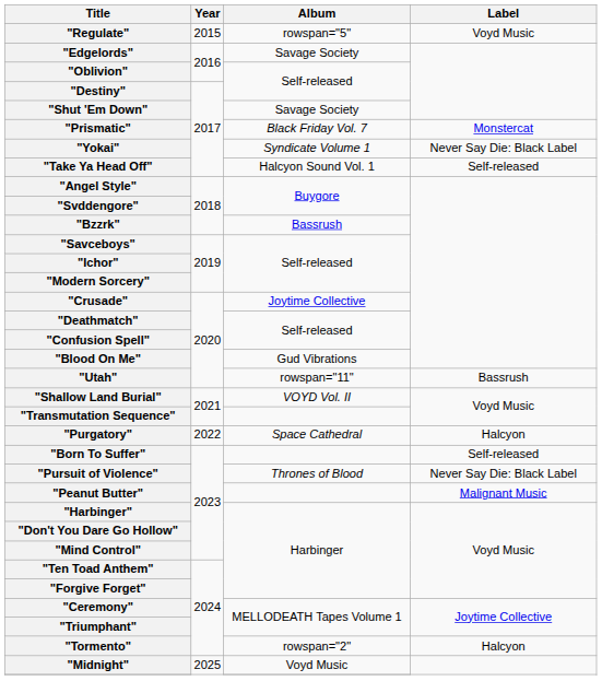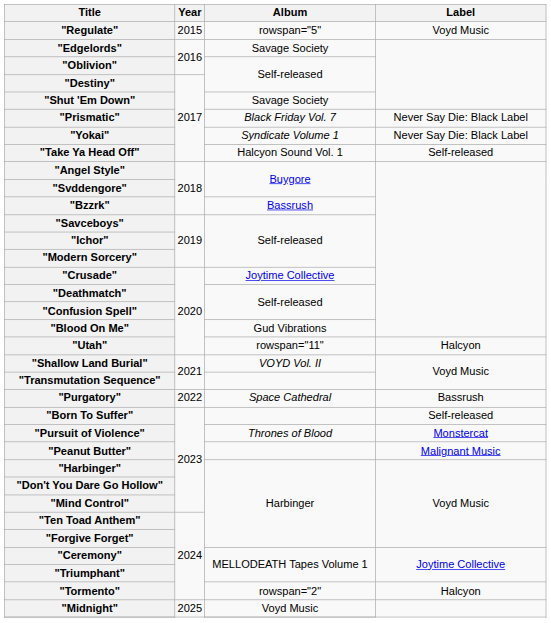 <table class="wikitable plainrowheaders" style="text-align:center;">
 <tr>
 <th rowspan="1" style="width:15em;">Title</th>
 <th rowspan="1">Year</th>
 <th rowspan="1" style="width:15em;">Album</th>
 <th rowspan="1" style="width:15em;">Label</th>
 </tr>
 <tr>
 <th scope="row">"Regulate"</th>
 <td>2015</td>
 <td>rowspan="5" </td>
 <td>Voyd Music</td>
 </tr>
 <tr>
 <th scope="row">"Edgelords" </th>
 <td rowspan="2">2016</td>
 <td>Savage Society</td>
 </tr>
 <tr>
 <th scope="row">"Oblivion"</th>
 <td rowspan="2">Self-released</td>
 </tr>
 <tr>
 <th scope="row">"Destiny"</th>
 <td rowspan="5">2017</td>
 </tr>
 <tr>
 <th scope="row">"Shut 'Em Down" </th>
 <td>Savage Society</td>
 </tr>
 <tr>
 <th scope="row">"Prismatic"</th>
 <td><em>Black Friday Vol. 7</em></td>
-<td><a href='#'>Monstercat</a></td>
+<td>Never Say Die: Black Label</td>
 </tr>
 <tr>
 <th scope="row">"Yokai"</th>
 <td><em>Syndicate Volume 1</em></td>
 <td>Never Say Die: Black Label</td>
 </tr>
 <tr>
 <th scope="row">"Take Ya Head Off"</th>
 <td>Halcyon Sound Vol. 1</td>
 <td>Self-released</td>
 </tr>
 <tr>
 <th scope="row">"Angel Style" </th>
 <td rowspan="3">2018</td>
 <td rowspan="2"><a href='#'>Buygore</a></td>
 </tr>
 <tr>
 <th scope="row">"Svddengore" </th>
 </tr>
 <tr>
 <th scope="row">"Bzzrk" </th>
 <td><a href='#'>Bassrush</a></td>
 </tr>
 <tr>
 <th scope="row">"Savceboys" </th>
 <td rowspan="3">2019</td>
 <td rowspan="3">Self-released</td>
 </tr>
 <tr>
 <th scope="row">"Ichor" </th>
 </tr>
 <tr>
 <th scope="row">"Modern Sorcery"</th>
 </tr>
 <tr>
 <th scope="row">"Crusade" </th>
 <td rowspan="5">2020</td>
 <td><a href='#'>Joytime Collective</a></td>
 </tr>
 <tr>
 <th scope="row">"Deathmatch" </th>
 <td rowspan="2">Self-released</td>
 </tr>
 <tr>
 <th scope="row">"Confusion Spell"</th>
 </tr>
 <tr>
 <th scope="row">"Blood On Me" </th>
 <td>Gud Vibrations</td>
 </tr>
 <tr>
 <th scope="row">"Utah"</th>
 <td>rowspan="11" </td>
-<td>Bassrush</td>
+<td>Halcyon</td>
 </tr>
 <tr>
 <th scope="row">"Shallow Land Burial"</th>
 <td rowspan="2">2021</td>
 <td><em>VOYD Vol. II</em></td>
 <td rowspan="2">Voyd Music</td>
 </tr>
 <tr>
 <th scope="row">"Transmutation Sequence"</th>
 <td></td>
 </tr>
 <tr>
 <th scope="row">"Purgatory" </th>
 <td rowspan="1">2022</td>
 <td><em>Space Cathedral</em></td>
-<td>Halcyon</td>
+<td>Bassrush</td>
 </tr>
 <tr>
 <th scope="row">"Born To Suffer"</th>
 <td rowspan="6">2023</td>
 <td></td>
 <td>Self-released</td>
 </tr>
 <tr>
 <th scope="row">"Pursuit of Violence" </th>
 <td><em>Thrones of Blood</em></td>
-<td>Never Say Die: Black Label</td>
+<td><a href='#'>Monstercat</a></td>
 </tr>
 <tr>
 <th scope="row">"Peanut Butter" </th>
 <td></td>
 <td><a href='#'>Malignant Music</a></td>
 </tr>
 <tr>
 <th scope="row">"Harbinger"</th>
 <td rowspan="5">Harbinger</td>
 <td rowspan="5">Voyd Music</td>
 </tr>
 <tr>
 <th scope="row">"Don't You Dare Go Hollow" </th>
 </tr>
 <tr>
 <th scope="row">"Mind Control" </th>
 </tr>
 <tr>
 <th scope="row">"Ten Toad Anthem"</th>
 <td rowspan="5">2024</td>
 </tr>
 <tr>
 <th scope="row">"Forgive Forget"</th>
 </tr>
 <tr>
 <th scope="row">"Ceremony" </th>
 <td rowspan="2">MELLODEATH Tapes Volume 1</td>
 <td rowspan="2"><a href='#'>Joytime Collective</a></td>
 </tr>
 <tr>
 <th scope="row">"Triumphant" </th>
 </tr>
 <tr>
 <th scope="row">"Tormento" </th>
 <td>rowspan="2" </td>
 <td>Halcyon</td>
 </tr>
 <tr>
 <th scope="row">"Midnight" </th>
 <td rowspan="5">2025</td>
 <td>Voyd Music</td>
 </tr>
 <tr>
 </tr>
 </table>
